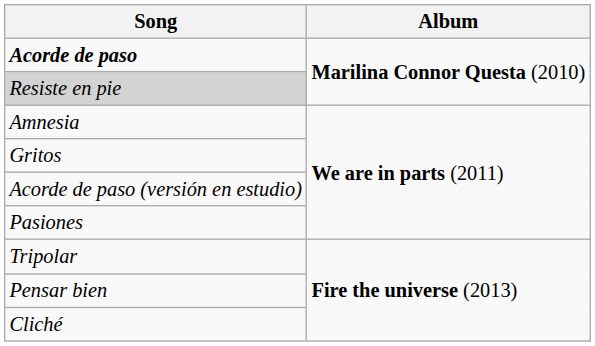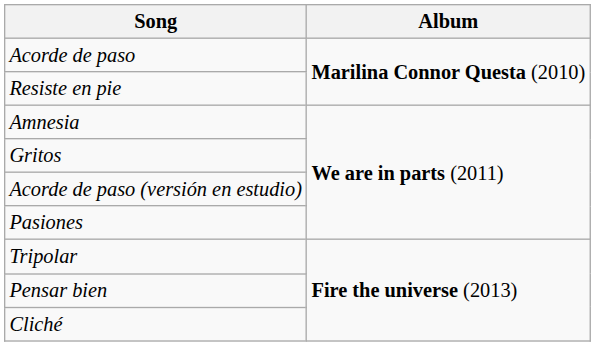 <table class="wikitable" style="font-size: 95%;">
 <tr>
 <th>Song</th>
 <th>Album</th>
 </tr>
 <tr>
-<td><strong><em>Acorde de paso</em></strong></td>
+<td><em>Acorde de paso</em></td>
 <td rowspan="2"><strong>Marilina Connor Questa</strong> (2010)</td>
 </tr>
 <tr>
-<td style="background: lightgrey;"><em>Resiste en pie</em></td>
+<td><em>Resiste en pie</em></td>
 </tr>
 <tr>
 <td><em>Amnesia</em></td>
 <td rowspan="4"><strong>We are in parts</strong> (2011)</td>
 </tr>
 <tr>
 <td><em>Gritos</em></td>
 </tr>
 <tr>
 <td><em>Acorde de paso (versión en estudio)</em></td>
 </tr>
 <tr>
 <td><em>Pasiones</em></td>
 </tr>
 <tr>
 <td><em>Tripolar</em></td>
 <td rowspan="3"><strong>Fire the universe</strong> (2013)</td>
 </tr>
 <tr>
 <td><em>Pensar bien</em></td>
 </tr>
 <tr>
 <td><em>Cliché</em></td>
 </tr>
 </table>
